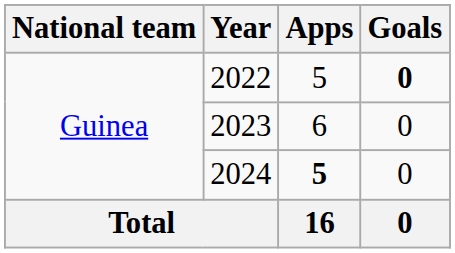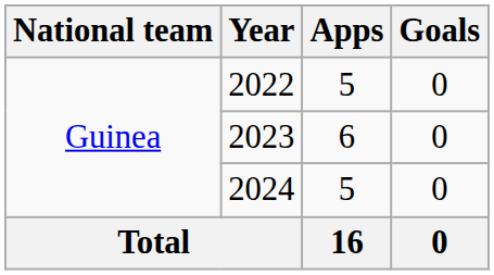 <table class="wikitable" style="text-align:center">
 <tr>
 <th>National team</th>
 <th>Year</th>
 <th>Apps</th>
 <th>Goals</th>
 </tr>
 <tr>
 <td rowspan="3"><a href='#'>Guinea</a></td>
 <td>2022</td>
 <td>5</td>
-<td><strong>0</strong></td>
+<td>0</td>
 </tr>
 <tr>
 <td>2023</td>
 <td>6</td>
 <td>0</td>
 </tr>
 <tr>
 <td>2024</td>
-<td><strong>5</strong></td>
+<td>5</td>
 <td>0</td>
 </tr>
 <tr>
 <th colspan="2">Total</th>
 <th>16</th>
 <th>0</th>
 </tr>
 </table>
